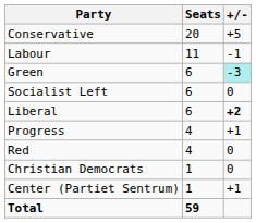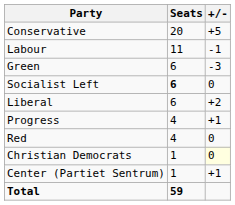 <table class="wikitable floatright">
 <tr>
 <th>Party</th>
 <th>Seats</th>
 <th>+/-</th>
 </tr>
 <tr>
 <td>Conservative</td>
 <td>20</td>
 <td>+5 </td>
 </tr>
 <tr>
 <td>Labour</td>
 <td>11</td>
 <td>-1 </td>
 </tr>
 <tr>
 <td>Green</td>
 <td>6</td>
-<td style="background: paleturquoise;">-3 </td>
+<td>-3 </td>
 </tr>
 <tr>
 <td>Socialist Left</td>
-<td>6</td>
+<td><strong>6</strong></td>
 <td>0 </td>
 </tr>
 <tr>
 <td>Liberal</td>
 <td>6</td>
-<td><strong>+2 </strong></td>
+<td>+2 </td>
 </tr>
 <tr>
 <td>Progress</td>
 <td>4</td>
 <td>+1 </td>
 </tr>
 <tr>
 <td>Red</td>
 <td>4</td>
 <td>0 </td>
 </tr>
 <tr>
 <td>Christian Democrats</td>
 <td>1</td>
-<td>0 </td>
+<td style="background: lightyellow;">0 </td>
 </tr>
 <tr>
 <td>Center (Partiet Sentrum)</td>
 <td>1</td>
 <td>+1 </td>
 </tr>
 <tr>
 <td><strong>Total</strong></td>
 <td><strong>59</strong></td>
 </tr>
 </table>
